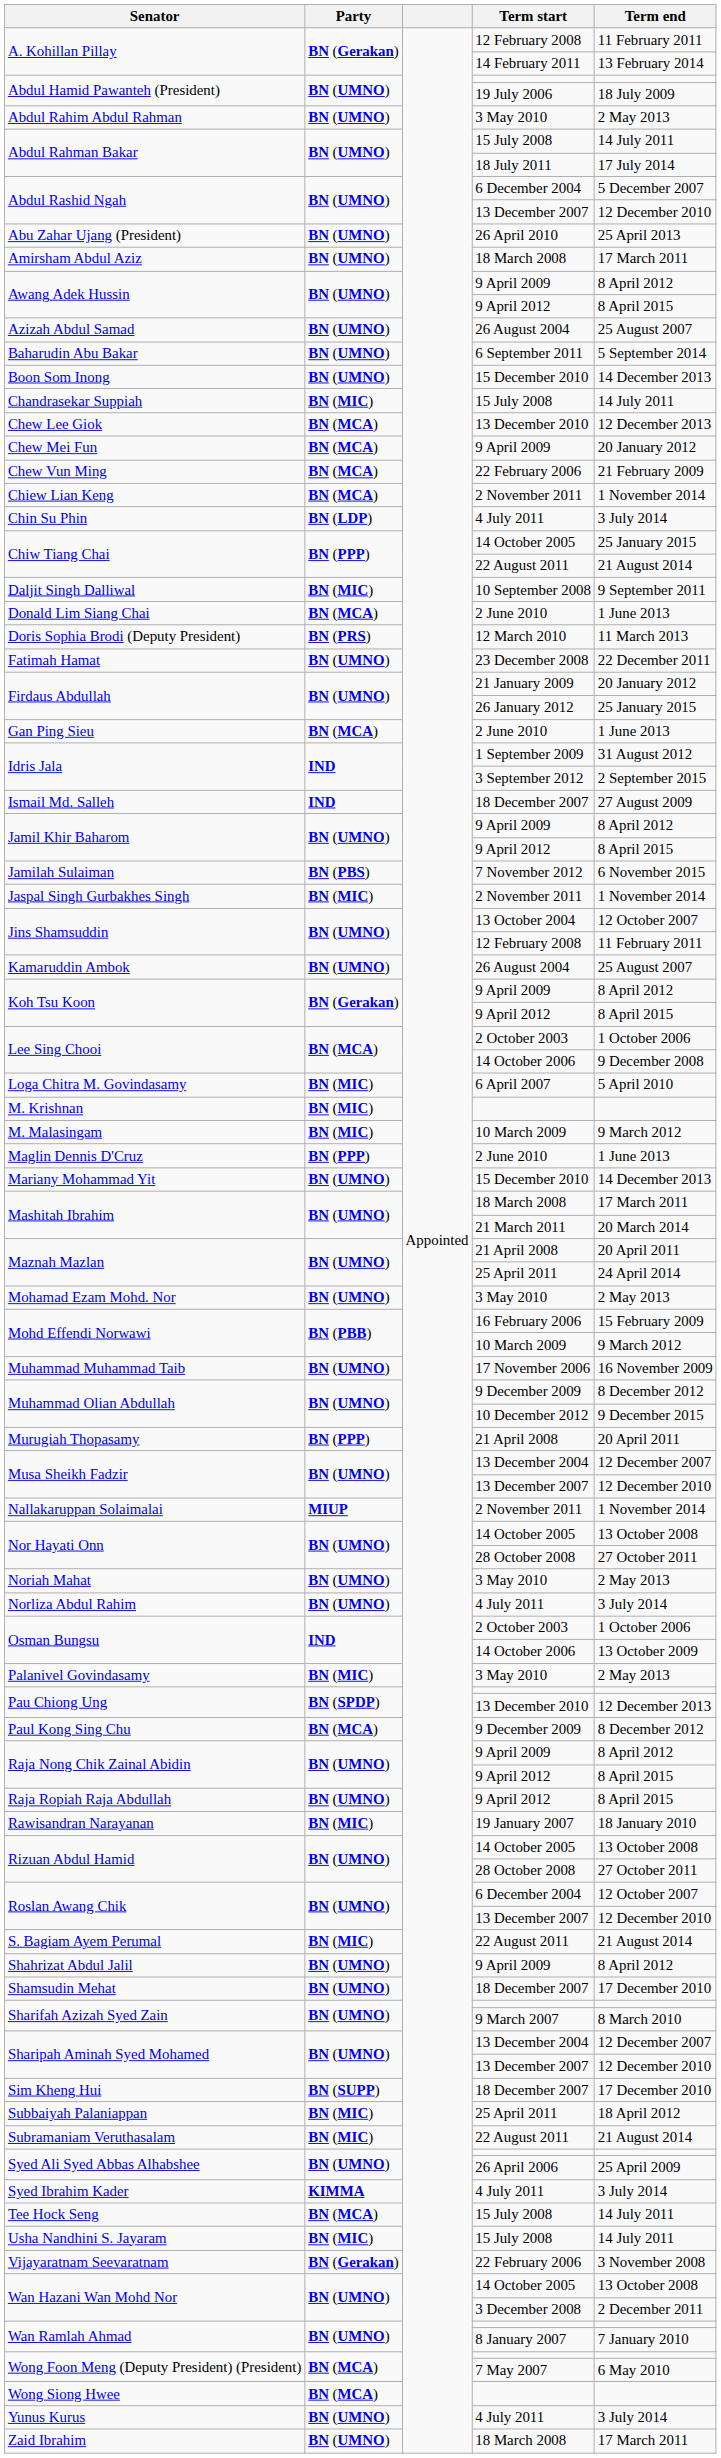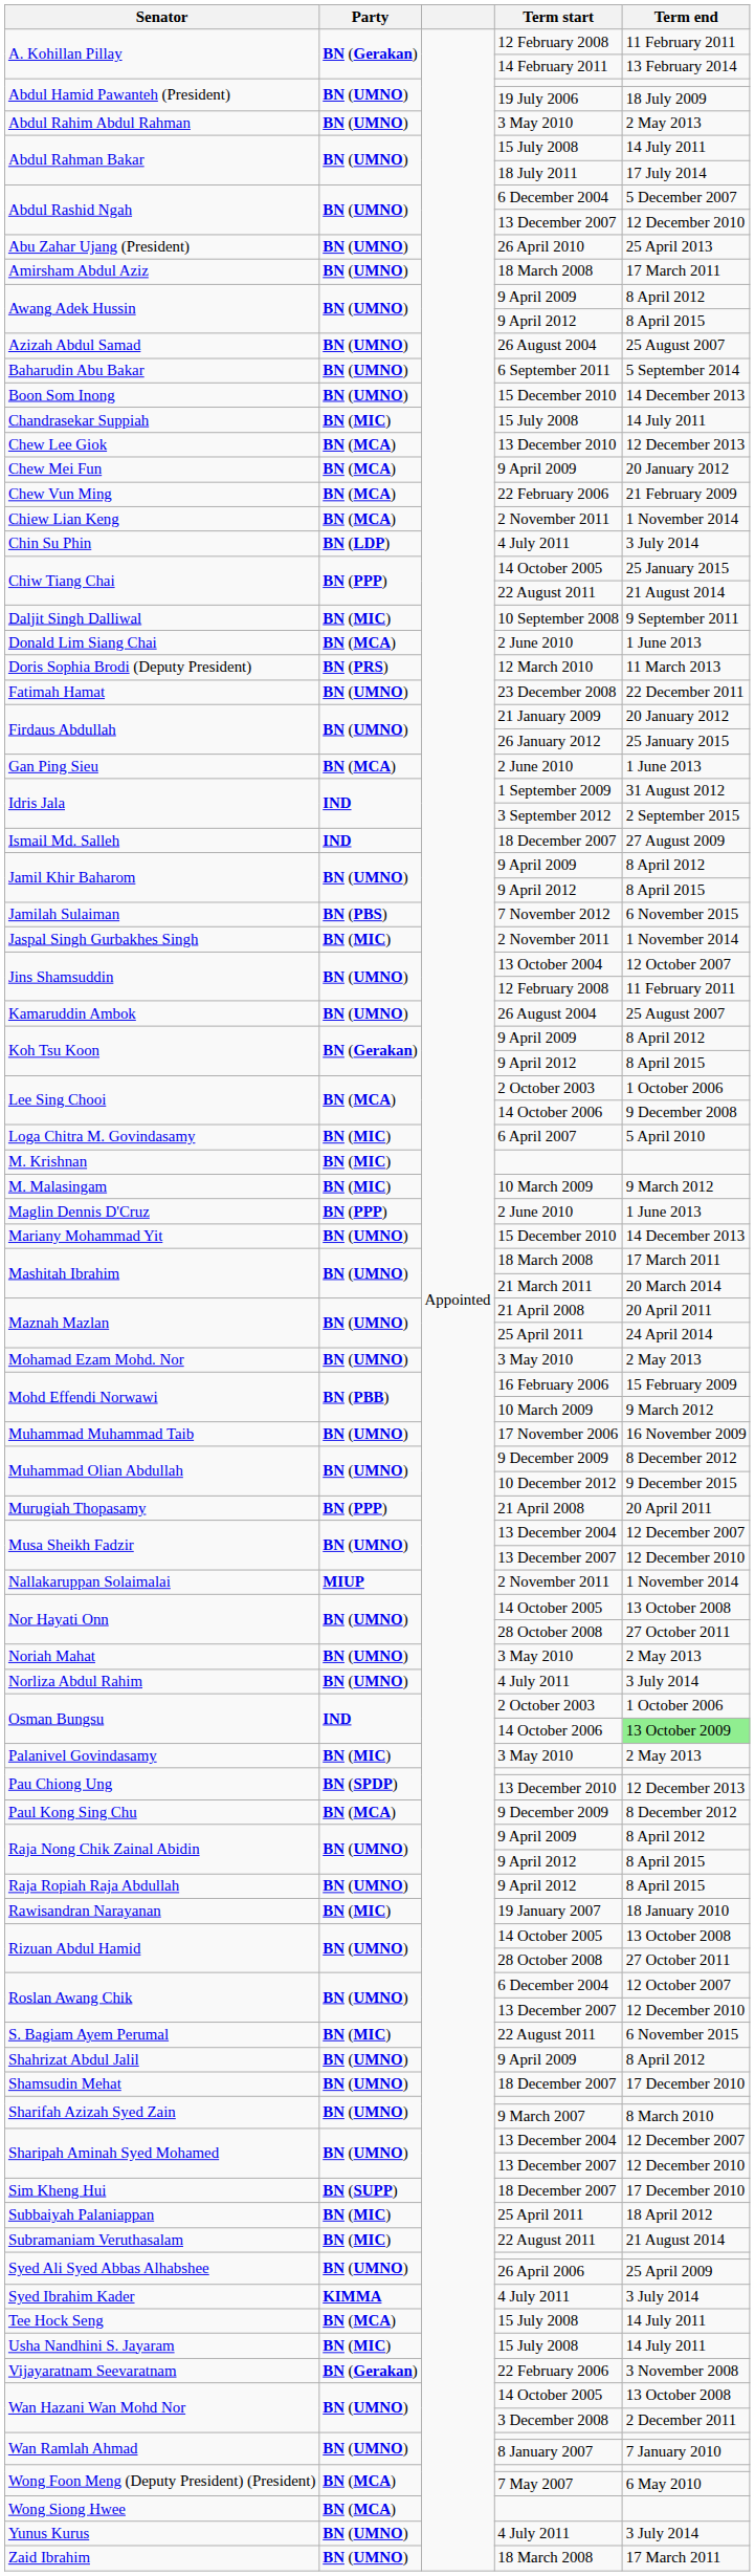 <table class="wikitable sortable">
 <tr>
 <th>Senator</th>
 <th>Party</th>
 <th></th>
 <th>Term start</th>
 <th>Term end</th>
 </tr>
 <tr>
 <td rowspan=2><a href='#'>A. Kohillan Pillay</a></td>
 <td rowspan=2><strong><a href='#'>BN</a></strong> (<strong><a href='#'>Gerakan</a></strong>)</td>
 <td rowspan=107>Appointed</td>
 <td>12 February 2008</td>
 <td>11 February 2011</td>
 </tr>
 <tr>
 <td>14 February 2011</td>
 <td>13 February 2014</td>
 </tr>
 <tr>
 <td rowspan=2><a href='#'>Abdul Hamid Pawanteh</a> (President)</td>
 <td rowspan=2><strong><a href='#'>BN</a></strong> (<strong><a href='#'>UMNO</a></strong>)</td>
 <td></td>
 <td></td>
 </tr>
 <tr>
 <td>19 July 2006</td>
 <td>18 July 2009</td>
 </tr>
 <tr>
 <td><a href='#'>Abdul Rahim Abdul Rahman</a></td>
 <td><strong><a href='#'>BN</a></strong> (<strong><a href='#'>UMNO</a></strong>)</td>
 <td>3 May 2010</td>
 <td>2 May 2013</td>
 </tr>
 <tr>
 <td rowspan=2><a href='#'>Abdul Rahman Bakar</a></td>
 <td rowspan=2><strong><a href='#'>BN</a></strong> (<strong><a href='#'>UMNO</a></strong>)</td>
 <td>15 July 2008</td>
 <td>14 July 2011</td>
 </tr>
 <tr>
 <td>18 July 2011</td>
 <td>17 July 2014</td>
 </tr>
 <tr>
 <td rowspan=2><a href='#'>Abdul Rashid Ngah</a></td>
 <td rowspan=2><strong><a href='#'>BN</a></strong> (<strong><a href='#'>UMNO</a></strong>)</td>
 <td>6 December 2004</td>
 <td>5 December 2007</td>
 </tr>
 <tr>
 <td>13 December 2007</td>
 <td>12 December 2010</td>
 </tr>
 <tr>
 <td><a href='#'>Abu Zahar Ujang</a> (President)</td>
 <td><strong><a href='#'>BN</a></strong> (<strong><a href='#'>UMNO</a></strong>)</td>
 <td>26 April 2010</td>
 <td>25 April 2013</td>
 </tr>
 <tr>
 <td><a href='#'>Amirsham Abdul Aziz</a></td>
 <td><strong><a href='#'>BN</a></strong> (<strong><a href='#'>UMNO</a></strong>)</td>
 <td>18 March 2008</td>
 <td>17 March 2011</td>
 </tr>
 <tr>
 <td rowspan=2><a href='#'>Awang Adek Hussin</a></td>
 <td rowspan=2><strong><a href='#'>BN</a></strong> (<strong><a href='#'>UMNO</a></strong>)</td>
 <td>9 April 2009</td>
 <td>8 April 2012</td>
 </tr>
 <tr>
 <td>9 April 2012</td>
 <td>8 April 2015</td>
 </tr>
 <tr>
 <td><a href='#'>Azizah Abdul Samad</a></td>
 <td><strong><a href='#'>BN</a></strong> (<strong><a href='#'>UMNO</a></strong>)</td>
 <td>26 August 2004</td>
 <td>25 August 2007</td>
 </tr>
 <tr>
 <td><a href='#'>Baharudin Abu Bakar</a></td>
 <td><strong><a href='#'>BN</a></strong> (<strong><a href='#'>UMNO</a></strong>)</td>
 <td>6 September 2011</td>
 <td>5 September 2014</td>
 </tr>
 <tr>
 <td><a href='#'>Boon Som Inong</a></td>
 <td><strong><a href='#'>BN</a></strong> (<strong><a href='#'>UMNO</a></strong>)</td>
 <td>15 December 2010</td>
 <td>14 December 2013</td>
 </tr>
 <tr>
 <td><a href='#'>Chandrasekar Suppiah</a></td>
 <td><strong><a href='#'>BN</a></strong> (<strong><a href='#'>MIC</a></strong>)</td>
 <td>15 July 2008</td>
 <td>14 July 2011</td>
 </tr>
 <tr>
 <td><a href='#'>Chew Lee Giok</a></td>
 <td><strong><a href='#'>BN</a></strong> (<strong><a href='#'>MCA</a></strong>)</td>
 <td>13 December 2010</td>
 <td>12 December 2013</td>
 </tr>
 <tr>
 <td><a href='#'>Chew Mei Fun</a></td>
 <td><strong><a href='#'>BN</a></strong> (<strong><a href='#'>MCA</a></strong>)</td>
 <td>9 April 2009</td>
 <td>20 January 2012</td>
 </tr>
 <tr>
 <td><a href='#'>Chew Vun Ming</a></td>
 <td><strong><a href='#'>BN</a></strong> (<strong><a href='#'>MCA</a></strong>)</td>
 <td>22 February 2006</td>
 <td>21 February 2009</td>
 </tr>
 <tr>
 <td><a href='#'>Chiew Lian Keng</a></td>
 <td><strong><a href='#'>BN</a></strong> (<strong><a href='#'>MCA</a></strong>)</td>
 <td>2 November 2011</td>
 <td>1 November 2014</td>
 </tr>
 <tr>
 <td><a href='#'>Chin Su Phin</a></td>
 <td><strong><a href='#'>BN</a></strong> (<strong><a href='#'>LDP</a></strong>)</td>
 <td>4 July 2011</td>
 <td>3 July 2014</td>
 </tr>
 <tr>
 <td rowspan=2><a href='#'>Chiw Tiang Chai</a></td>
 <td rowspan=2><strong><a href='#'>BN</a></strong> (<strong><a href='#'>PPP</a></strong>)</td>
 <td>14 October 2005</td>
 <td>25 January 2015</td>
 </tr>
 <tr>
 <td>22 August 2011</td>
 <td>21 August 2014</td>
 </tr>
 <tr>
 <td><a href='#'>Daljit Singh Dalliwal</a></td>
 <td><strong><a href='#'>BN</a></strong> (<strong><a href='#'>MIC</a></strong>)</td>
 <td>10 September 2008</td>
 <td>9 September 2011</td>
 </tr>
 <tr>
 <td><a href='#'>Donald Lim Siang Chai</a></td>
 <td><strong><a href='#'>BN</a></strong> (<strong><a href='#'>MCA</a></strong>)</td>
 <td>2 June 2010</td>
 <td>1 June 2013</td>
 </tr>
 <tr>
 <td><a href='#'>Doris Sophia Brodi</a> (Deputy President)</td>
 <td><strong><a href='#'>BN</a></strong> (<strong><a href='#'>PRS</a></strong>)</td>
 <td>12 March 2010</td>
 <td>11 March 2013</td>
 </tr>
 <tr>
 <td><a href='#'>Fatimah Hamat</a></td>
 <td><strong><a href='#'>BN</a></strong> (<strong><a href='#'>UMNO</a></strong>)</td>
 <td>23 December 2008</td>
 <td>22 December 2011</td>
 </tr>
 <tr>
 <td rowspan=2><a href='#'>Firdaus Abdullah</a></td>
 <td rowspan=2><strong><a href='#'>BN</a></strong> (<strong><a href='#'>UMNO</a></strong>)</td>
 <td>21 January 2009</td>
 <td>20 January 2012</td>
 </tr>
 <tr>
 <td>26 January 2012</td>
 <td>25 January 2015</td>
 </tr>
 <tr>
 <td><a href='#'>Gan Ping Sieu</a></td>
 <td><strong><a href='#'>BN</a></strong> (<strong><a href='#'>MCA</a></strong>)</td>
 <td>2 June 2010</td>
 <td>1 June 2013</td>
 </tr>
 <tr>
 <td rowspan=2><a href='#'>Idris Jala</a></td>
 <td rowspan=2><strong><a href='#'>IND</a></strong></td>
 <td>1 September 2009</td>
 <td>31 August 2012</td>
 </tr>
 <tr>
 <td>3 September 2012</td>
 <td>2 September 2015</td>
 </tr>
 <tr>
 <td><a href='#'>Ismail Md. Salleh</a></td>
 <td><strong><a href='#'>IND</a></strong></td>
 <td>18 December 2007</td>
 <td>27 August 2009</td>
 </tr>
 <tr>
 <td rowspan=2><a href='#'>Jamil Khir Baharom</a></td>
 <td rowspan=2><strong><a href='#'>BN</a></strong> (<strong><a href='#'>UMNO</a></strong>)</td>
 <td>9 April 2009</td>
 <td>8 April 2012</td>
 </tr>
 <tr>
 <td>9 April 2012</td>
 <td>8 April 2015</td>
 </tr>
 <tr>
 <td><a href='#'>Jamilah Sulaiman</a></td>
 <td><strong><a href='#'>BN</a></strong> (<strong><a href='#'>PBS</a></strong>)</td>
 <td>7 November 2012</td>
 <td>6 November 2015</td>
 </tr>
 <tr>
 <td><a href='#'>Jaspal Singh Gurbakhes Singh</a></td>
 <td><strong><a href='#'>BN</a></strong> (<strong><a href='#'>MIC</a></strong>)</td>
 <td>2 November 2011</td>
 <td>1 November 2014</td>
 </tr>
 <tr>
 <td rowspan=2><a href='#'>Jins Shamsuddin</a></td>
 <td rowspan=2><strong><a href='#'>BN</a></strong> (<strong><a href='#'>UMNO</a></strong>)</td>
 <td>13 October 2004</td>
 <td>12 October 2007</td>
 </tr>
 <tr>
 <td>12 February 2008</td>
 <td>11 February 2011</td>
 </tr>
 <tr>
 <td><a href='#'>Kamaruddin Ambok</a></td>
 <td><strong><a href='#'>BN</a></strong> (<strong><a href='#'>UMNO</a></strong>)</td>
 <td>26 August 2004</td>
 <td>25 August 2007</td>
 </tr>
 <tr>
 <td rowspan=2><a href='#'>Koh Tsu Koon</a></td>
 <td rowspan=2><strong><a href='#'>BN</a></strong> (<strong><a href='#'>Gerakan</a></strong>)</td>
 <td>9 April 2009</td>
 <td>8 April 2012</td>
 </tr>
 <tr>
 <td>9 April 2012</td>
 <td>8 April 2015</td>
 </tr>
 <tr>
 <td rowspan=2><a href='#'>Lee Sing Chooi</a></td>
 <td rowspan=2><strong><a href='#'>BN</a></strong> (<strong><a href='#'>MCA</a></strong>)</td>
 <td>2 October 2003</td>
 <td>1 October 2006</td>
 </tr>
 <tr>
 <td>14 October 2006</td>
 <td>9 December 2008</td>
 </tr>
 <tr>
 <td><a href='#'>Loga Chitra M. Govindasamy</a></td>
 <td><strong><a href='#'>BN</a></strong> (<strong><a href='#'>MIC</a></strong>)</td>
 <td>6 April 2007</td>
 <td>5 April 2010</td>
 </tr>
 <tr>
 <td><a href='#'>M. Krishnan</a></td>
 <td><strong><a href='#'>BN</a></strong> (<strong><a href='#'>MIC</a></strong>)</td>
 <td></td>
 <td></td>
 </tr>
 <tr>
 <td><a href='#'>M. Malasingam</a></td>
 <td><strong><a href='#'>BN</a></strong> (<strong><a href='#'>MIC</a></strong>)</td>
 <td>10 March 2009</td>
 <td>9 March 2012</td>
 </tr>
 <tr>
 <td><a href='#'>Maglin Dennis D'Cruz</a></td>
 <td><strong><a href='#'>BN</a></strong> (<strong><a href='#'>PPP</a></strong>)</td>
 <td>2 June 2010</td>
 <td>1 June 2013</td>
 </tr>
 <tr>
 <td><a href='#'>Mariany Mohammad Yit</a></td>
 <td><strong><a href='#'>BN</a></strong> (<strong><a href='#'>UMNO</a></strong>)</td>
 <td>15 December 2010</td>
 <td>14 December 2013</td>
 </tr>
 <tr>
 <td rowspan=2><a href='#'>Mashitah Ibrahim</a></td>
 <td rowspan=2><strong><a href='#'>BN</a></strong> (<strong><a href='#'>UMNO</a></strong>)</td>
 <td>18 March 2008</td>
 <td>17 March 2011</td>
 </tr>
 <tr>
 <td>21 March 2011</td>
 <td>20 March 2014</td>
 </tr>
 <tr>
 <td rowspan=2><a href='#'>Maznah Mazlan</a></td>
 <td rowspan=2><strong><a href='#'>BN</a></strong> (<strong><a href='#'>UMNO</a></strong>)</td>
 <td>21 April 2008</td>
 <td>20 April 2011</td>
 </tr>
 <tr>
 <td>25 April 2011</td>
 <td>24 April 2014</td>
 </tr>
 <tr>
 <td><a href='#'>Mohamad Ezam Mohd. Nor</a></td>
 <td><strong><a href='#'>BN</a></strong> (<strong><a href='#'>UMNO</a></strong>)</td>
 <td>3 May 2010</td>
 <td>2 May 2013</td>
 </tr>
 <tr>
 <td rowspan=2><a href='#'>Mohd Effendi Norwawi</a></td>
 <td rowspan=2><strong><a href='#'>BN</a></strong> (<strong><a href='#'>PBB</a></strong>)</td>
 <td>16 February 2006</td>
 <td>15 February 2009</td>
 </tr>
 <tr>
 <td>10 March 2009</td>
 <td>9 March 2012</td>
 </tr>
 <tr>
 <td><a href='#'>Muhammad Muhammad Taib</a></td>
 <td><strong><a href='#'>BN</a></strong> (<strong><a href='#'>UMNO</a></strong>)</td>
 <td>17 November 2006</td>
 <td>16 November 2009</td>
 </tr>
 <tr>
 <td rowspan=2><a href='#'>Muhammad Olian Abdullah</a></td>
 <td rowspan=2><strong><a href='#'>BN</a></strong> (<strong><a href='#'>UMNO</a></strong>)</td>
 <td>9 December 2009</td>
 <td>8 December 2012</td>
 </tr>
 <tr>
 <td>10 December 2012</td>
 <td>9 December 2015</td>
 </tr>
 <tr>
 <td><a href='#'>Murugiah Thopasamy</a></td>
 <td><strong><a href='#'>BN</a></strong> (<strong><a href='#'>PPP</a></strong>)</td>
 <td>21 April 2008</td>
 <td>20 April 2011</td>
 </tr>
 <tr>
 <td rowspan=2><a href='#'>Musa Sheikh Fadzir</a></td>
 <td rowspan=2><strong><a href='#'>BN</a></strong> (<strong><a href='#'>UMNO</a></strong>)</td>
 <td>13 December 2004</td>
 <td>12 December 2007</td>
 </tr>
 <tr>
 <td>13 December 2007</td>
 <td>12 December 2010</td>
 </tr>
 <tr>
 <td><a href='#'>Nallakaruppan Solaimalai</a></td>
 <td><strong><a href='#'>MIUP</a></strong></td>
 <td>2 November 2011</td>
 <td>1 November 2014</td>
 </tr>
 <tr>
 <td rowspan=2><a href='#'>Nor Hayati Onn</a></td>
 <td rowspan=2><strong><a href='#'>BN</a></strong> (<strong><a href='#'>UMNO</a></strong>)</td>
 <td>14 October 2005</td>
 <td>13 October 2008</td>
 </tr>
 <tr>
 <td>28 October 2008</td>
 <td>27 October 2011</td>
 </tr>
 <tr>
 <td><a href='#'>Noriah Mahat</a></td>
 <td><strong><a href='#'>BN</a></strong> (<strong><a href='#'>UMNO</a></strong>)</td>
 <td>3 May 2010</td>
 <td>2 May 2013</td>
 </tr>
 <tr>
 <td><a href='#'>Norliza Abdul Rahim</a></td>
 <td><strong><a href='#'>BN</a></strong> (<strong><a href='#'>UMNO</a></strong>)</td>
 <td>4 July 2011</td>
 <td>3 July 2014</td>
 </tr>
 <tr>
 <td rowspan=2><a href='#'>Osman Bungsu</a></td>
 <td rowspan=2><strong><a href='#'>IND</a></strong></td>
 <td>2 October 2003</td>
 <td>1 October 2006</td>
 </tr>
 <tr>
 <td>14 October 2006</td>
-<td>13 October 2009</td>
+<td style="background: lightgreen;">13 October 2009</td>
 </tr>
 <tr>
 <td><a href='#'>Palanivel Govindasamy</a></td>
 <td><strong><a href='#'>BN</a></strong> (<strong><a href='#'>MIC</a></strong>)</td>
 <td>3 May 2010</td>
 <td>2 May 2013</td>
 </tr>
 <tr>
 <td rowspan=2><a href='#'>Pau Chiong Ung</a></td>
 <td rowspan=2><strong><a href='#'>BN</a></strong> (<strong><a href='#'>SPDP</a></strong>)</td>
 <td></td>
 <td></td>
 </tr>
 <tr>
 <td>13 December 2010</td>
 <td>12 December 2013</td>
 </tr>
 <tr>
 <td><a href='#'>Paul Kong Sing Chu</a></td>
 <td><strong><a href='#'>BN</a></strong> (<strong><a href='#'>MCA</a></strong>)</td>
 <td>9 December 2009</td>
 <td>8 December 2012</td>
 </tr>
 <tr>
 <td rowspan=2><a href='#'>Raja Nong Chik Zainal Abidin</a></td>
 <td rowspan=2><strong><a href='#'>BN</a></strong> (<strong><a href='#'>UMNO</a></strong>)</td>
 <td>9 April 2009</td>
 <td>8 April 2012</td>
 </tr>
 <tr>
 <td>9 April 2012</td>
 <td>8 April 2015</td>
 </tr>
 <tr>
 <td><a href='#'>Raja Ropiah Raja Abdullah</a></td>
 <td><strong><a href='#'>BN</a></strong> (<strong><a href='#'>UMNO</a></strong>)</td>
 <td>9 April 2012</td>
 <td>8 April 2015</td>
 </tr>
 <tr>
 <td><a href='#'>Rawisandran Narayanan</a></td>
 <td><strong><a href='#'>BN</a></strong> (<strong><a href='#'>MIC</a></strong>)</td>
 <td>19 January 2007</td>
 <td>18 January 2010</td>
 </tr>
 <tr>
 <td rowspan=2><a href='#'>Rizuan Abdul Hamid</a></td>
 <td rowspan=2><strong><a href='#'>BN</a></strong> (<strong><a href='#'>UMNO</a></strong>)</td>
 <td>14 October 2005</td>
 <td>13 October 2008</td>
 </tr>
 <tr>
 <td>28 October 2008</td>
 <td>27 October 2011</td>
 </tr>
 <tr>
 <td rowspan=2><a href='#'>Roslan Awang Chik</a></td>
 <td rowspan=2><strong><a href='#'>BN</a></strong> (<strong><a href='#'>UMNO</a></strong>)</td>
 <td>6 December 2004</td>
 <td>12 October 2007</td>
 </tr>
 <tr>
 <td>13 December 2007</td>
 <td>12 December 2010</td>
 </tr>
 <tr>
 <td><a href='#'>S. Bagiam Ayem Perumal</a></td>
 <td><strong><a href='#'>BN</a></strong> (<strong><a href='#'>MIC</a></strong>)</td>
 <td>22 August 2011</td>
-<td>21 August 2014</td>
+<td>6 November 2015</td>
 </tr>
 <tr>
 <td><a href='#'>Shahrizat Abdul Jalil</a></td>
 <td><strong><a href='#'>BN</a></strong> (<strong><a href='#'>UMNO</a></strong>)</td>
 <td>9 April 2009</td>
 <td>8 April 2012</td>
 </tr>
 <tr>
 <td><a href='#'>Shamsudin Mehat</a></td>
 <td><strong><a href='#'>BN</a></strong> (<strong><a href='#'>UMNO</a></strong>)</td>
 <td>18 December 2007</td>
 <td>17 December 2010</td>
 </tr>
 <tr>
 <td rowspan=2><a href='#'>Sharifah Azizah Syed Zain</a></td>
 <td rowspan=2><strong><a href='#'>BN</a></strong> (<strong><a href='#'>UMNO</a></strong>)</td>
 <td></td>
 <td></td>
 </tr>
 <tr>
 <td>9 March 2007</td>
 <td>8 March 2010</td>
 </tr>
 <tr>
 <td rowspan=2><a href='#'>Sharipah Aminah Syed Mohamed</a></td>
 <td rowspan=2><strong><a href='#'>BN</a></strong> (<strong><a href='#'>UMNO</a></strong>)</td>
 <td>13 December 2004</td>
 <td>12 December 2007</td>
 </tr>
 <tr>
 <td>13 December 2007</td>
 <td>12 December 2010</td>
 </tr>
 <tr>
 <td><a href='#'>Sim Kheng Hui</a></td>
 <td><strong><a href='#'>BN</a></strong> (<strong><a href='#'>SUPP</a></strong>)</td>
 <td>18 December 2007</td>
 <td>17 December 2010</td>
 </tr>
 <tr>
 <td><a href='#'>Subbaiyah Palaniappan</a></td>
 <td><strong><a href='#'>BN</a></strong> (<strong><a href='#'>MIC</a></strong>)</td>
 <td>25 April 2011</td>
 <td>18 April 2012</td>
 </tr>
 <tr>
 <td><a href='#'>Subramaniam Veruthasalam</a></td>
 <td><strong><a href='#'>BN</a></strong> (<strong><a href='#'>MIC</a></strong>)</td>
 <td>22 August 2011</td>
 <td>21 August 2014</td>
 </tr>
 <tr>
 <td rowspan=2><a href='#'>Syed Ali Syed Abbas Alhabshee</a></td>
 <td rowspan=2><strong><a href='#'>BN</a></strong> (<strong><a href='#'>UMNO</a></strong>)</td>
 <td></td>
 <td></td>
 </tr>
 <tr>
 <td>26 April 2006</td>
 <td>25 April 2009</td>
 </tr>
 <tr>
 <td><a href='#'>Syed Ibrahim Kader</a></td>
 <td><strong><a href='#'>KIMMA</a></strong></td>
 <td>4 July 2011</td>
 <td>3 July 2014</td>
 </tr>
 <tr>
 <td><a href='#'>Tee Hock Seng</a></td>
 <td><strong><a href='#'>BN</a></strong> (<strong><a href='#'>MCA</a></strong>)</td>
 <td>15 July 2008</td>
 <td>14 July 2011</td>
 </tr>
 <tr>
 <td><a href='#'>Usha Nandhini S. Jayaram</a></td>
 <td><strong><a href='#'>BN</a></strong> (<strong><a href='#'>MIC</a></strong>)</td>
 <td>15 July 2008</td>
 <td>14 July 2011</td>
 </tr>
 <tr>
 <td><a href='#'>Vijayaratnam Seevaratnam</a></td>
 <td><strong><a href='#'>BN</a></strong> (<strong><a href='#'>Gerakan</a></strong>)</td>
 <td>22 February 2006</td>
 <td>3 November 2008</td>
 </tr>
 <tr>
 <td rowspan=2><a href='#'>Wan Hazani Wan Mohd Nor</a></td>
 <td rowspan=2><strong><a href='#'>BN</a></strong> (<strong><a href='#'>UMNO</a></strong>)</td>
 <td>14 October 2005</td>
 <td>13 October 2008</td>
 </tr>
 <tr>
 <td>3 December 2008</td>
 <td>2 December 2011</td>
 </tr>
 <tr>
 <td rowspan=2><a href='#'>Wan Ramlah Ahmad</a></td>
 <td rowspan=2><strong><a href='#'>BN</a></strong> (<strong><a href='#'>UMNO</a></strong>)</td>
 <td></td>
 <td></td>
 </tr>
 <tr>
 <td>8 January 2007</td>
 <td>7 January 2010</td>
 </tr>
 <tr>
 <td rowspan=2><a href='#'>Wong Foon Meng</a> (Deputy President) (President)</td>
 <td rowspan=2><strong><a href='#'>BN</a></strong> (<strong><a href='#'>MCA</a></strong>)</td>
 <td></td>
 <td></td>
 </tr>
 <tr>
 <td>7 May 2007</td>
 <td>6 May 2010</td>
 </tr>
 <tr>
 <td><a href='#'>Wong Siong Hwee</a></td>
 <td><strong><a href='#'>BN</a></strong> (<strong><a href='#'>MCA</a></strong>)</td>
 <td></td>
 <td></td>
 </tr>
 <tr>
 <td><a href='#'>Yunus Kurus</a></td>
 <td><strong><a href='#'>BN</a></strong> (<strong><a href='#'>UMNO</a></strong>)</td>
 <td>4 July 2011</td>
 <td>3 July 2014</td>
 </tr>
 <tr>
 <td><a href='#'>Zaid Ibrahim</a></td>
 <td><strong><a href='#'>BN</a></strong> (<strong><a href='#'>UMNO</a></strong>)</td>
 <td>18 March 2008</td>
 <td>17 March 2011</td>
 </tr>
 </table>
